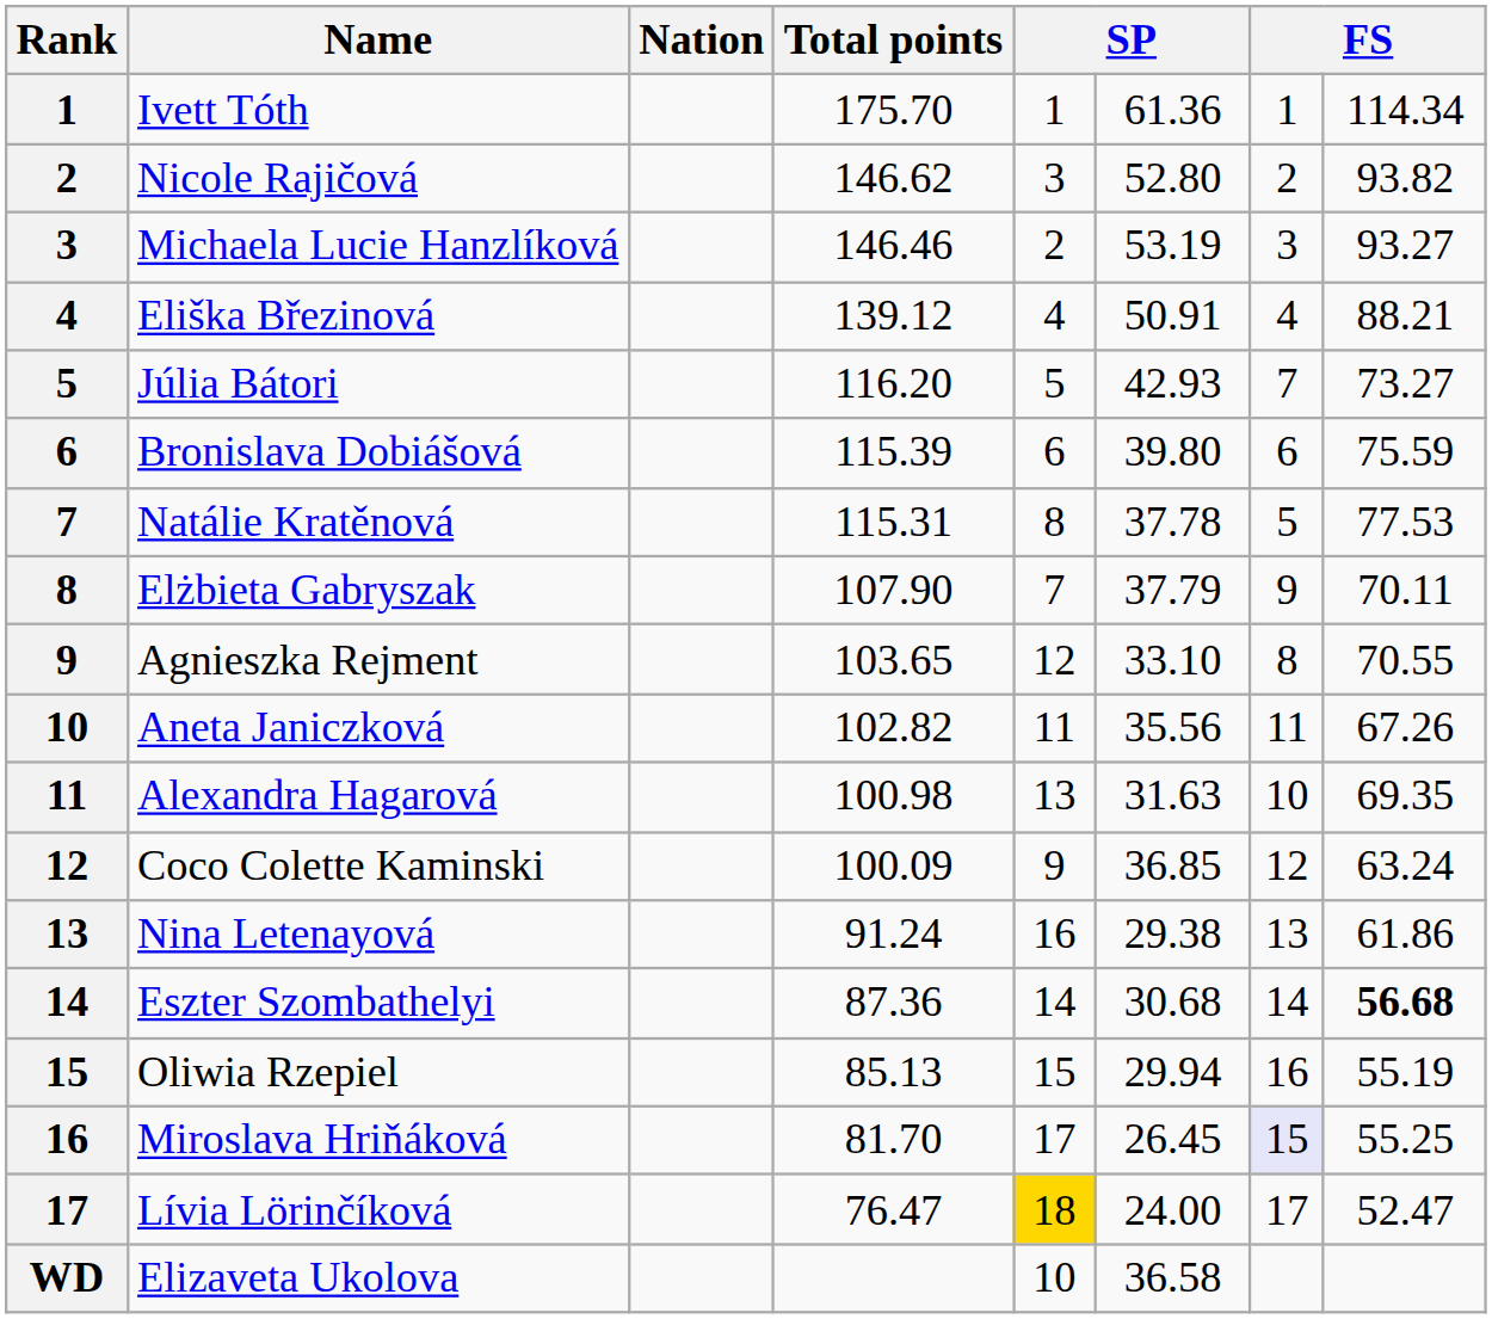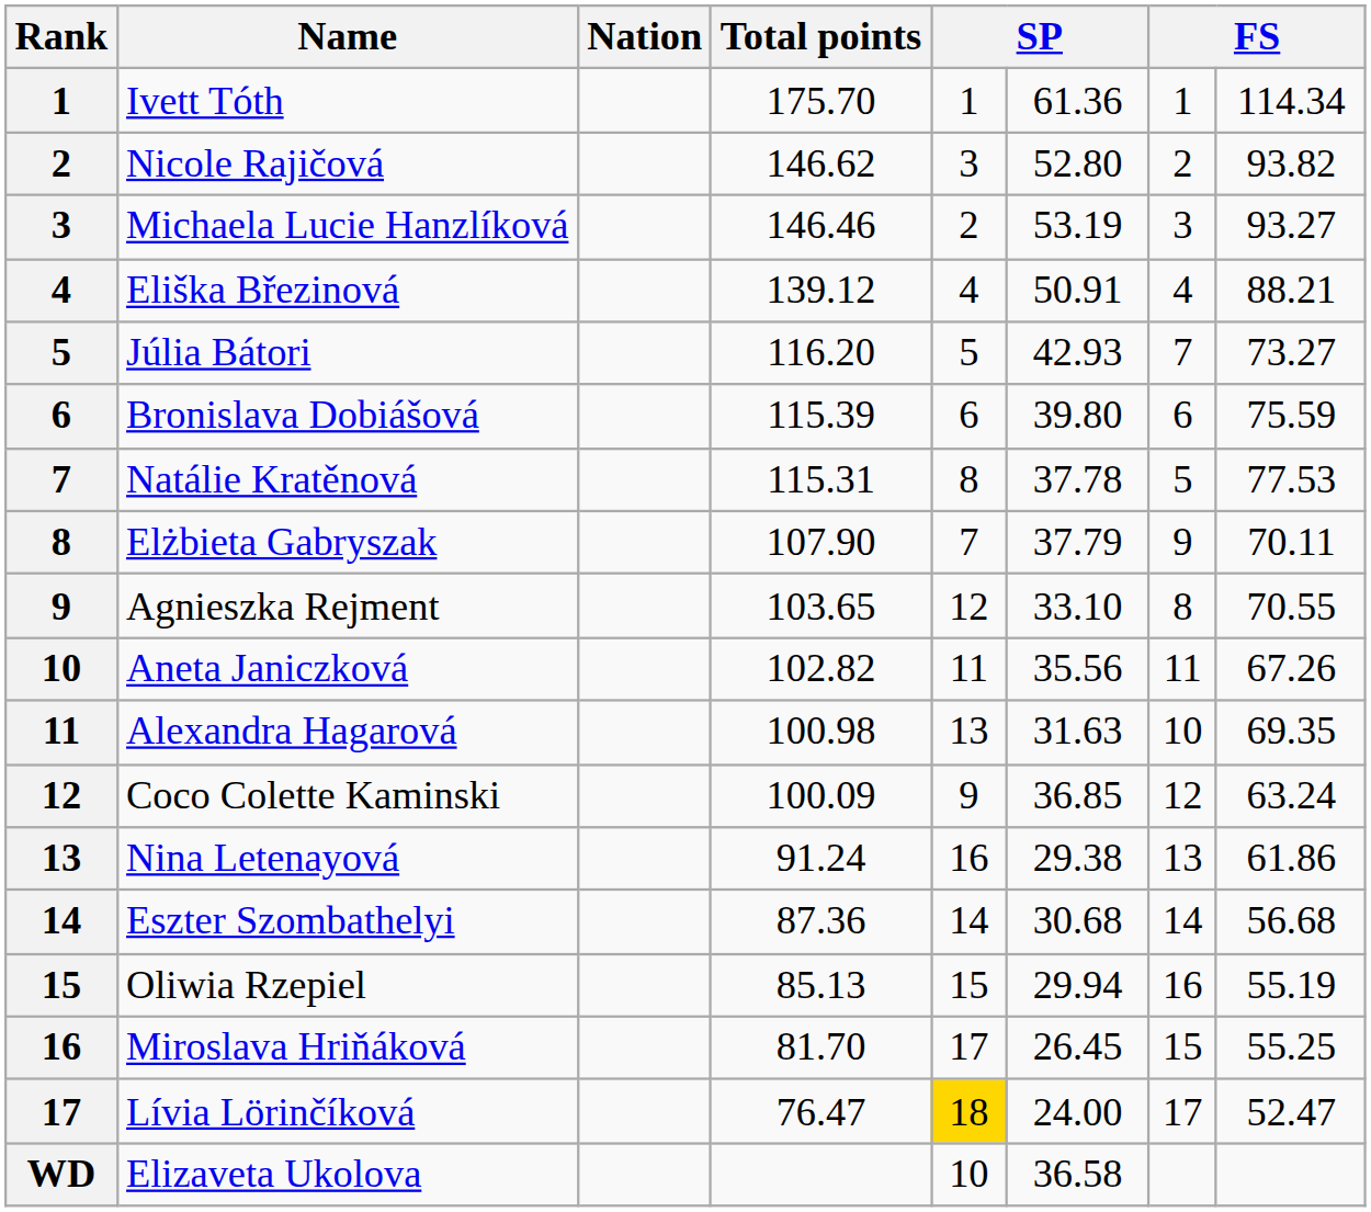 <table class="wikitable sortable">
 <tr>
 <th>Rank</th>
 <th>Name</th>
 <th>Nation</th>
 <th>Total points</th>
 <th colspan=2 width=80px><a href='#'>SP</a></th>
 <th colspan=2 width=80px><a href='#'>FS</a></th>
 </tr>
 <tr>
 <th>1</th>
 <td><a href='#'>Ivett Tóth</a></td>
 <td></td>
 <td align=center>175.70</td>
 <td align=center>1</td>
 <td align=center>61.36</td>
 <td align=center>1</td>
 <td align=center>114.34</td>
 </tr>
 <tr>
 <th>2</th>
 <td><a href='#'>Nicole Rajičová</a></td>
 <td></td>
 <td align=center>146.62</td>
 <td align=center>3</td>
 <td align=center>52.80</td>
 <td align=center>2</td>
 <td align=center>93.82</td>
 </tr>
 <tr>
 <th>3</th>
 <td><a href='#'>Michaela Lucie Hanzlíková</a></td>
 <td></td>
 <td align=center>146.46</td>
 <td align=center>2</td>
 <td align=center>53.19</td>
 <td align=center>3</td>
 <td align=center>93.27</td>
 </tr>
 <tr>
 <th>4</th>
 <td><a href='#'>Eliška Březinová</a></td>
 <td></td>
 <td align=center>139.12</td>
 <td align=center>4</td>
 <td align=center>50.91</td>
 <td align=center>4</td>
 <td align=center>88.21</td>
 </tr>
 <tr>
 <th>5</th>
 <td><a href='#'>Júlia Bátori</a></td>
 <td></td>
 <td align=center>116.20</td>
 <td align=center>5</td>
 <td align=center>42.93</td>
 <td align=center>7</td>
 <td align=center>73.27</td>
 </tr>
 <tr>
 <th>6</th>
 <td><a href='#'>Bronislava Dobiášová</a></td>
 <td></td>
 <td align=center>115.39</td>
 <td align=center>6</td>
 <td align=center>39.80</td>
 <td align=center>6</td>
 <td align=center>75.59</td>
 </tr>
 <tr>
 <th>7</th>
 <td><a href='#'>Natálie Kratěnová</a></td>
 <td></td>
 <td align=center>115.31</td>
 <td align=center>8</td>
 <td align=center>37.78</td>
 <td align=center>5</td>
 <td align=center>77.53</td>
 </tr>
 <tr>
 <th>8</th>
 <td><a href='#'>Elżbieta Gabryszak</a></td>
 <td></td>
 <td align=center>107.90</td>
 <td align=center>7</td>
 <td align=center>37.79</td>
 <td align=center>9</td>
 <td align=center>70.11</td>
 </tr>
 <tr>
 <th>9</th>
 <td>Agnieszka Rejment</td>
 <td></td>
 <td align=center>103.65</td>
 <td align=center>12</td>
 <td align=center>33.10</td>
 <td align=center>8</td>
 <td align=center>70.55</td>
 </tr>
 <tr>
 <th>10</th>
 <td><a href='#'>Aneta Janiczková</a></td>
 <td></td>
 <td align=center>102.82</td>
 <td align=center>11</td>
 <td align=center>35.56</td>
 <td align=center>11</td>
 <td align=center>67.26</td>
 </tr>
 <tr>
 <th>11</th>
 <td><a href='#'>Alexandra Hagarová</a></td>
 <td></td>
 <td align=center>100.98</td>
 <td align=center>13</td>
 <td align=center>31.63</td>
 <td align=center>10</td>
 <td align=center>69.35</td>
 </tr>
 <tr>
 <th>12</th>
 <td>Coco Colette Kaminski</td>
 <td></td>
 <td align=center>100.09</td>
 <td align=center>9</td>
 <td align=center>36.85</td>
 <td align=center>12</td>
 <td align=center>63.24</td>
 </tr>
 <tr>
 <th>13</th>
 <td><a href='#'>Nina Letenayová</a></td>
 <td></td>
 <td align=center>91.24</td>
 <td align=center>16</td>
 <td align=center>29.38</td>
 <td align=center>13</td>
 <td align=center>61.86</td>
 </tr>
 <tr>
 <th>14</th>
 <td><a href='#'>Eszter Szombathelyi</a></td>
 <td></td>
 <td align=center>87.36</td>
 <td align=center>14</td>
 <td align=center>30.68</td>
 <td align=center>14</td>
-<td align=center><strong>56.68</strong></td>
+<td align=center>56.68</td>
 </tr>
 <tr>
 <th>15</th>
 <td>Oliwia Rzepiel</td>
 <td></td>
 <td align=center>85.13</td>
 <td align=center>15</td>
 <td align=center>29.94</td>
 <td align=center>16</td>
 <td align=center>55.19</td>
 </tr>
 <tr>
 <th>16</th>
 <td><a href='#'>Miroslava Hriňáková</a></td>
 <td></td>
 <td align=center>81.70</td>
 <td align=center>17</td>
 <td align=center>26.45</td>
-<td align=center style="background: lavender;">15</td>
+<td align=center>15</td>
 <td align=center>55.25</td>
 </tr>
 <tr>
 <th>17</th>
 <td><a href='#'>Lívia Lörinčíková</a></td>
 <td></td>
 <td align=center>76.47</td>
 <td align=center style="background: gold;">18</td>
 <td align=center>24.00</td>
 <td align=center>17</td>
 <td align=center>52.47</td>
 </tr>
 <tr>
 <th>WD</th>
 <td><a href='#'>Elizaveta Ukolova</a></td>
 <td></td>
 <td></td>
 <td align=center>10</td>
 <td align=center>36.58</td>
 <td></td>
 <td></td>
 </tr>
 </table>
